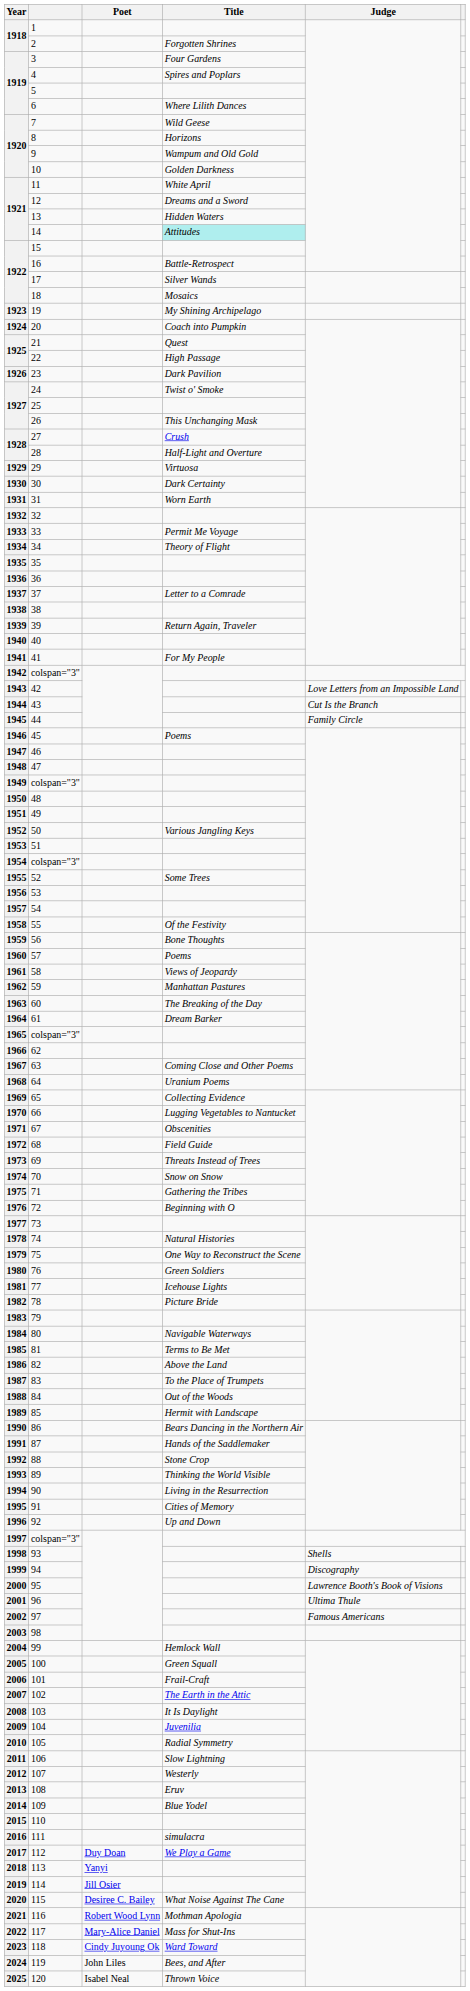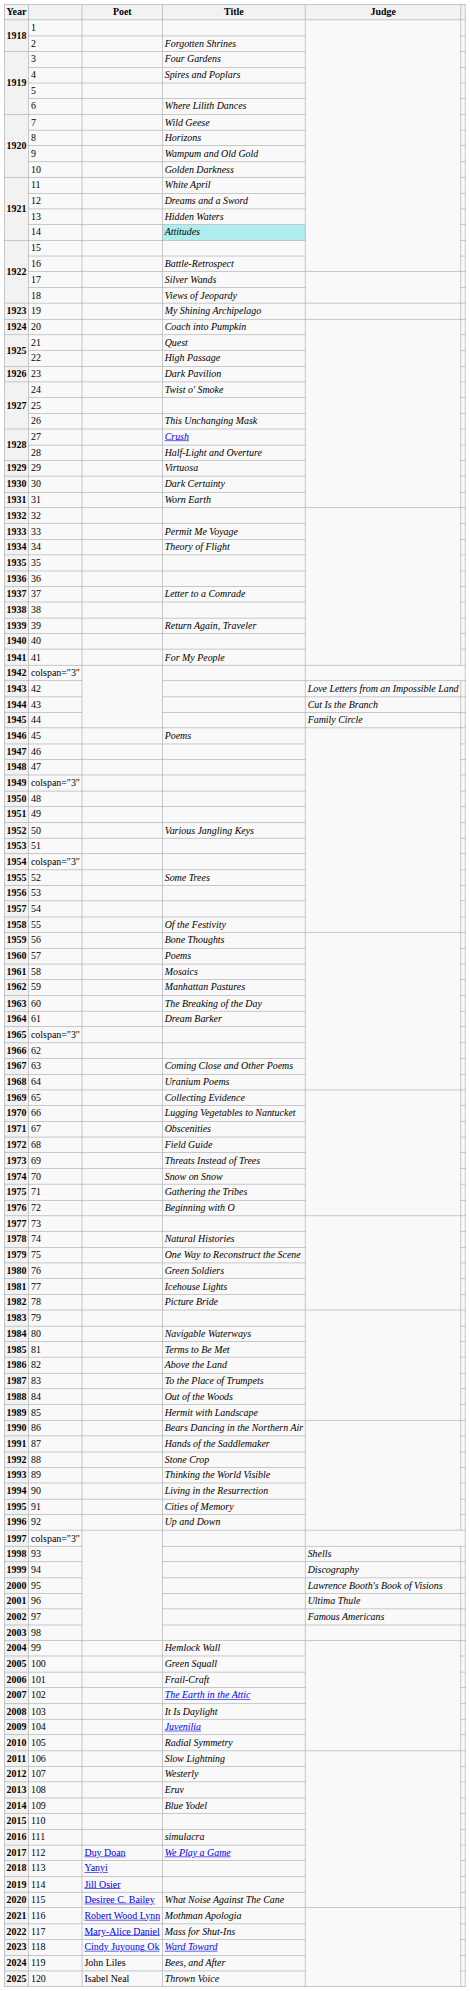 <table class="wikitable sortable"  style="border-spacing: 0; margin: 1em auto;">
 <tr>
 <th>Year</th>
 <th></th>
 <th>Poet</th>
 <th>Title</th>
 <th>Judge</th>
 <th class="unsortable"></th>
 </tr>
 <tr>
 <th rowspan="2">1918</th>
 <td>1</td>
 <td></td>
 <td></td>
 <td rowspan="16"></td>
 <td style="text-align:center;"></td>
 </tr>
 <tr>
 <td>2</td>
 <td></td>
 <td><em>Forgotten Shrines</em></td>
 <td style="text-align:center;"></td>
 </tr>
 <tr>
 <th rowspan="4">1919</th>
 <td>3</td>
 <td></td>
 <td><em>Four Gardens</em></td>
 <td style="text-align:center;"></td>
 </tr>
 <tr>
 <td>4</td>
 <td></td>
 <td><em>Spires and Poplars</em></td>
 <td style="text-align:center;"></td>
 </tr>
 <tr>
 <td>5</td>
 <td></td>
 <td></td>
 <td style="text-align:center;"></td>
 </tr>
 <tr>
 <td>6</td>
 <td></td>
 <td><em>Where Lilith Dances</em></td>
 <td style="text-align:center;"></td>
 </tr>
 <tr>
 <th rowspan="4">1920</th>
 <td>7</td>
 <td></td>
 <td><em>Wild Geese</em></td>
 <td style="text-align:center;"></td>
 </tr>
 <tr>
 <td>8</td>
 <td></td>
 <td><em>Horizons</em></td>
 <td style="text-align:center;"></td>
 </tr>
 <tr>
 <td>9</td>
 <td></td>
 <td><em>Wampum and Old Gold</em></td>
 <td style="text-align:center;"></td>
 </tr>
 <tr>
 <td>10</td>
 <td></td>
 <td><em>Golden Darkness</em></td>
 <td style="text-align:center;"></td>
 </tr>
 <tr>
 <th rowspan="4">1921</th>
 <td>11</td>
 <td></td>
 <td><em>White April</em></td>
 <td style="text-align:center;"></td>
 </tr>
 <tr>
 <td>12</td>
 <td></td>
 <td><em>Dreams and a Sword</em></td>
 <td style="text-align:center;"></td>
 </tr>
 <tr>
 <td>13</td>
 <td></td>
 <td><em>Hidden Waters</em></td>
 <td style="text-align:center;"></td>
 </tr>
 <tr>
 <td>14</td>
 <td></td>
 <td style="background: paleturquoise;"><em>Attitudes</em></td>
 <td style="text-align:center;"></td>
 </tr>
 <tr>
 <th rowspan="4">1922</th>
 <td>15</td>
 <td></td>
 <td></td>
 <td style="text-align:center;"></td>
 </tr>
 <tr>
 <td>16</td>
 <td></td>
 <td><em>Battle-Retrospect</em></td>
 <td style="text-align:center;"></td>
 </tr>
 <tr>
 <td>17</td>
 <td></td>
 <td><em>Silver Wands</em></td>
 <td rowspan="2"></td>
 <td style="text-align:center;"></td>
 </tr>
 <tr>
 <td>18</td>
 <td></td>
-<td><em>Mosaics</em></td>
+<td><em>Views of Jeopardy</em></td>
 <td style="text-align:center;"></td>
 </tr>
 <tr>
 <th>1923</th>
 <td>19</td>
 <td></td>
 <td><em>My Shining Archipelago</em></td>
 <td></td>
 <td style="text-align:center;"></td>
 </tr>
 <tr>
 <th>1924</th>
 <td>20</td>
 <td></td>
 <td><em>Coach into Pumpkin</em></td>
 <td rowspan="12"></td>
 <td style="text-align:center;"></td>
 </tr>
 <tr>
 <th rowspan="2">1925</th>
 <td>21</td>
 <td></td>
 <td><em>Quest</em></td>
 <td style="text-align:center;"></td>
 </tr>
 <tr>
 <td>22</td>
 <td></td>
 <td><em>High Passage</em></td>
 <td style="text-align:center;"></td>
 </tr>
 <tr>
 <th>1926</th>
 <td>23</td>
 <td></td>
 <td><em>Dark Pavilion</em></td>
 <td style="text-align:center;"></td>
 </tr>
 <tr>
 <th rowspan="3">1927</th>
 <td>24</td>
 <td></td>
 <td><em>Twist o' Smoke</em></td>
 <td style="text-align:center;"></td>
 </tr>
 <tr>
 <td>25</td>
 <td></td>
 <td></td>
 <td style="text-align:center;"></td>
 </tr>
 <tr>
 <td>26</td>
 <td></td>
 <td><em>This Unchanging Mask</em></td>
 <td style="text-align:center;"></td>
 </tr>
 <tr>
 <th rowspan="2">1928</th>
 <td>27</td>
 <td></td>
 <td><em><a href='#'>Crush</a></em></td>
 <td style="text-align:center;"></td>
 </tr>
 <tr>
 <td>28</td>
 <td></td>
 <td><em>Half-Light and Overture</em></td>
 <td style="text-align:center;"></td>
 </tr>
 <tr>
 <th>1929</th>
 <td>29</td>
 <td></td>
 <td><em>Virtuosa</em></td>
 <td style="text-align:center;"></td>
 </tr>
 <tr>
 <th>1930</th>
 <td>30</td>
 <td></td>
 <td><em>Dark Certainty</em></td>
 <td style="text-align:center;"></td>
 </tr>
 <tr>
 <th>1931</th>
 <td>31</td>
 <td></td>
 <td><em>Worn Earth</em></td>
 <td style="text-align:center;"></td>
 </tr>
 <tr>
 <th>1932</th>
 <td>32</td>
 <td></td>
 <td></td>
 <td rowspan="10"></td>
 <td style="text-align:center;"></td>
 </tr>
 <tr>
 <th>1933</th>
 <td>33</td>
 <td></td>
 <td><em>Permit Me Voyage</em></td>
 <td style="text-align:center;"></td>
 </tr>
 <tr>
 <th>1934</th>
 <td>34</td>
 <td></td>
 <td><em>Theory of Flight</em></td>
 <td style="text-align:center;"></td>
 </tr>
 <tr>
 <th>1935</th>
 <td>35</td>
 <td></td>
 <td></td>
 <td style="text-align:center;"></td>
 </tr>
 <tr>
 <th>1936</th>
 <td>36</td>
 <td></td>
 <td></td>
 <td style="text-align:center;"></td>
 </tr>
 <tr>
 <th>1937</th>
 <td>37</td>
 <td></td>
 <td><em>Letter to a Comrade</em></td>
 <td style="text-align:center;"></td>
 </tr>
 <tr>
 <th>1938</th>
 <td>38</td>
 <td></td>
 <td></td>
 <td style="text-align:center;"></td>
 </tr>
 <tr>
 <th>1939</th>
 <td>39</td>
 <td></td>
 <td><em>Return Again, Traveler</em></td>
 <td style="text-align:center;"></td>
 </tr>
 <tr>
 <th>1940</th>
 <td>40</td>
 <td></td>
 <td></td>
 <td style="text-align:center;"></td>
 </tr>
 <tr>
 <th>1941</th>
 <td>41</td>
 <td></td>
 <td><em>For My People</em></td>
 <td style="text-align:center;"></td>
 </tr>
 <tr>
 <th>1942</th>
 <td>colspan="3" </td>
 <td rowspan="4"></td>
 <td style="text-align:center;"></td>
 </tr>
 <tr>
 <th>1943</th>
 <td>42</td>
 <td></td>
 <td><em>Love Letters from an Impossible Land</em></td>
 <td style="text-align:center;"></td>
 </tr>
 <tr>
 <th>1944</th>
 <td>43</td>
 <td></td>
 <td><em>Cut Is the Branch</em></td>
 <td style="text-align:center;"></td>
 </tr>
 <tr>
 <th>1945</th>
 <td>44</td>
 <td></td>
 <td><em>Family Circle</em></td>
 <td style="text-align:center;"></td>
 </tr>
 <tr>
 <th>1946</th>
 <td>45</td>
 <td></td>
 <td><em>Poems</em></td>
 <td rowspan="13"></td>
 <td style="text-align:center;"></td>
 </tr>
 <tr>
 <th>1947</th>
 <td>46</td>
 <td></td>
 <td></td>
 <td style="text-align:center;"></td>
 </tr>
 <tr>
 <th>1948</th>
 <td>47</td>
 <td></td>
 <td></td>
 <td style="text-align:center;"></td>
 </tr>
 <tr>
 <th>1949</th>
 <td>colspan="3" </td>
 <td style="text-align:center;"></td>
 </tr>
 <tr>
 <th>1950</th>
 <td>48</td>
 <td></td>
 <td></td>
 <td style="text-align:center;"></td>
 </tr>
 <tr>
 <th>1951</th>
 <td>49</td>
 <td></td>
 <td></td>
 <td style="text-align:center;"></td>
 </tr>
 <tr>
 <th>1952</th>
 <td>50</td>
 <td></td>
 <td><em>Various Jangling Keys</em></td>
 <td style="text-align:center;"></td>
 </tr>
 <tr>
 <th>1953</th>
 <td>51</td>
 <td></td>
 <td></td>
 <td style="text-align:center;"></td>
 </tr>
 <tr>
 <th>1954</th>
 <td>colspan="3" </td>
 <td style="text-align:center;"></td>
 </tr>
 <tr>
 <th>1955</th>
 <td>52</td>
 <td></td>
 <td><em>Some Trees</em></td>
 <td style="text-align:center;"></td>
 </tr>
 <tr>
 <th>1956</th>
 <td>53</td>
 <td></td>
 <td></td>
 <td style="text-align:center;"></td>
 </tr>
 <tr>
 <th>1957</th>
 <td>54</td>
 <td></td>
 <td></td>
 <td style="text-align:center;"></td>
 </tr>
 <tr>
 <th>1958</th>
 <td>55</td>
 <td></td>
 <td><em>Of the Festivity</em></td>
 <td style="text-align:center;"></td>
 </tr>
 <tr>
 <th>1959</th>
 <td>56</td>
 <td></td>
 <td><em>Bone Thoughts</em></td>
 <td rowspan="10"></td>
 <td style="text-align:center;"></td>
 </tr>
 <tr>
 <th>1960</th>
 <td>57</td>
 <td></td>
 <td><em>Poems</em></td>
 <td style="text-align:center;"></td>
 </tr>
 <tr>
 <th>1961</th>
 <td>58</td>
 <td></td>
-<td><em>Views of Jeopardy</em></td>
+<td><em>Mosaics</em></td>
 <td style="text-align:center;"></td>
 </tr>
 <tr>
 <th>1962</th>
 <td>59</td>
 <td></td>
 <td><em>Manhattan Pastures</em></td>
 <td style="text-align:center;"></td>
 </tr>
 <tr>
 <th>1963</th>
 <td>60</td>
 <td></td>
 <td><em>The Breaking of the Day</em></td>
 <td style="text-align:center;"></td>
 </tr>
 <tr>
 <th>1964</th>
 <td>61</td>
 <td></td>
 <td><em>Dream Barker</em></td>
 <td style="text-align:center;"></td>
 </tr>
 <tr>
 <th>1965</th>
 <td>colspan="3" </td>
 <td style="text-align:center;"></td>
 </tr>
 <tr>
 <th>1966</th>
 <td>62</td>
 <td></td>
 <td></td>
 <td style="text-align:center;"></td>
 </tr>
 <tr>
 <th>1967</th>
 <td>63</td>
 <td></td>
 <td><em>Coming Close and Other Poems</em></td>
 <td style="text-align:center;"></td>
 </tr>
 <tr>
 <th>1968</th>
 <td>64</td>
 <td></td>
 <td><em>Uranium Poems</em></td>
 <td style="text-align:center;"></td>
 </tr>
 <tr>
 <th>1969</th>
 <td>65</td>
 <td></td>
 <td><em>Collecting Evidence</em></td>
 <td rowspan="8"></td>
 <td style="text-align:center;"></td>
 </tr>
 <tr>
 <th>1970</th>
 <td>66</td>
 <td></td>
 <td><em>Lugging Vegetables to Nantucket</em></td>
 <td style="text-align:center;"></td>
 </tr>
 <tr>
 <th>1971</th>
 <td>67</td>
 <td></td>
 <td><em>Obscenities</em></td>
 <td style="text-align:center;"></td>
 </tr>
 <tr>
 <th>1972</th>
 <td>68</td>
 <td></td>
 <td><em>Field Guide</em></td>
 <td style="text-align:center;"></td>
 </tr>
 <tr>
 <th>1973</th>
 <td>69</td>
 <td></td>
 <td><em>Threats Instead of Trees</em></td>
 <td style="text-align:center;"></td>
 </tr>
 <tr>
 <th>1974</th>
 <td>70</td>
 <td></td>
 <td><em>Snow on Snow</em></td>
 <td style="text-align:center;"></td>
 </tr>
 <tr>
 <th>1975</th>
 <td>71</td>
 <td></td>
 <td><em>Gathering the Tribes</em></td>
 <td style="text-align:center;"></td>
 </tr>
 <tr>
 <th>1976</th>
 <td>72</td>
 <td></td>
 <td><em>Beginning with O</em></td>
 <td style="text-align:center;"></td>
 </tr>
 <tr>
 <th>1977</th>
 <td>73</td>
 <td></td>
 <td></td>
 <td rowspan="6"></td>
 <td style="text-align:center;"></td>
 </tr>
 <tr>
 <th>1978</th>
 <td>74</td>
 <td></td>
 <td><em>Natural Histories</em></td>
 <td style="text-align:center;"></td>
 </tr>
 <tr>
 <th>1979</th>
 <td>75</td>
 <td></td>
 <td><em>One Way to Reconstruct the Scene</em></td>
 <td style="text-align:center;"></td>
 </tr>
 <tr>
 <th>1980</th>
 <td>76</td>
 <td></td>
 <td><em>Green Soldiers</em></td>
 <td style="text-align:center;"></td>
 </tr>
 <tr>
 <th>1981</th>
 <td>77</td>
 <td></td>
 <td><em>Icehouse Lights</em></td>
 <td style="text-align:center;"></td>
 </tr>
 <tr>
 <th>1982</th>
 <td>78</td>
 <td></td>
 <td><em>Picture Bride</em></td>
 <td style="text-align:center;"></td>
 </tr>
 <tr>
 <th>1983</th>
 <td>79</td>
 <td></td>
 <td></td>
 <td rowspan="7"></td>
 <td style="text-align:center;"></td>
 </tr>
 <tr>
 <th>1984</th>
 <td>80</td>
 <td></td>
 <td><em>Navigable Waterways</em></td>
 <td style="text-align:center;"></td>
 </tr>
 <tr>
 <th>1985</th>
 <td>81</td>
 <td></td>
 <td><em>Terms to Be Met</em></td>
 <td style="text-align:center;"></td>
 </tr>
 <tr>
 <th>1986</th>
 <td>82</td>
 <td></td>
 <td><em>Above the Land</em></td>
 <td style="text-align:center;"></td>
 </tr>
 <tr>
 <th>1987</th>
 <td>83</td>
 <td></td>
 <td><em>To the Place of Trumpets</em></td>
 <td style="text-align:center;"></td>
 </tr>
 <tr>
 <th>1988</th>
 <td>84</td>
 <td></td>
 <td><em>Out of the Woods</em></td>
 <td style="text-align:center;"></td>
 </tr>
 <tr>
 <th>1989</th>
 <td>85</td>
 <td></td>
 <td><em>Hermit with Landscape</em></td>
 <td style="text-align:center;"></td>
 </tr>
 <tr>
 <th>1990</th>
 <td>86</td>
 <td></td>
 <td><em>Bears Dancing in the Northern Air</em></td>
 <td rowspan="7"></td>
 <td style="text-align:center;"></td>
 </tr>
 <tr>
 <th>1991</th>
 <td>87</td>
 <td></td>
 <td><em>Hands of the Saddlemaker</em></td>
 <td style="text-align:center;"></td>
 </tr>
 <tr>
 <th>1992</th>
 <td>88</td>
 <td></td>
 <td><em>Stone Crop</em></td>
 <td style="text-align:center;"></td>
 </tr>
 <tr>
 <th>1993</th>
 <td>89</td>
 <td></td>
 <td><em>Thinking the World Visible</em></td>
 <td style="text-align:center;"></td>
 </tr>
 <tr>
 <th>1994</th>
 <td>90</td>
 <td></td>
 <td><em>Living in the Resurrection</em></td>
 <td style="text-align:center;"></td>
 </tr>
 <tr>
 <th>1995</th>
 <td>91</td>
 <td></td>
 <td><em>Cities of Memory</em></td>
 <td style="text-align:center;"></td>
 </tr>
 <tr>
 <th>1996</th>
 <td>92</td>
 <td></td>
 <td><em>Up and Down</em></td>
 <td style="text-align:center;"></td>
 </tr>
 <tr>
 <th>1997</th>
 <td>colspan="3" </td>
 <td rowspan="7"></td>
 <td style="text-align:center;"></td>
 </tr>
 <tr>
 <th>1998</th>
 <td>93</td>
 <td></td>
 <td><em>Shells</em></td>
 <td style="text-align:center;"></td>
 </tr>
 <tr>
 <th>1999</th>
 <td>94</td>
 <td></td>
 <td><em>Discography</em></td>
 <td style="text-align:center;"></td>
 </tr>
 <tr>
 <th>2000</th>
 <td>95</td>
 <td></td>
 <td><em>Lawrence Booth's Book of Visions</em></td>
 <td style="text-align:center;"></td>
 </tr>
 <tr>
 <th>2001</th>
 <td>96</td>
 <td></td>
 <td><em>Ultima Thule</em></td>
 <td style="text-align:center;"></td>
 </tr>
 <tr>
 <th>2002</th>
 <td>97</td>
 <td></td>
 <td><em>Famous Americans</em></td>
 <td style="text-align:center;"></td>
 </tr>
 <tr>
 <th>2003</th>
 <td>98</td>
 <td></td>
 <td></td>
 <td style="text-align:center;"></td>
 </tr>
 <tr>
 <th>2004</th>
 <td>99</td>
 <td></td>
 <td><em>Hemlock Wall</em></td>
 <td rowspan="7"></td>
 <td style="text-align:center;"></td>
 </tr>
 <tr>
 <th>2005</th>
 <td>100</td>
 <td></td>
 <td><em>Green Squall</em></td>
 <td style="text-align:center;"></td>
 </tr>
 <tr>
 <th>2006</th>
 <td>101</td>
 <td></td>
 <td><em>Frail-Craft</em></td>
 <td style="text-align:center;"></td>
 </tr>
 <tr>
 <th>2007</th>
 <td>102</td>
 <td></td>
 <td><em><a href='#'>The Earth in the Attic</a></em></td>
 <td style="text-align:center;"></td>
 </tr>
 <tr>
 <th>2008</th>
 <td>103</td>
 <td></td>
 <td><em>It Is Daylight</em></td>
 <td style="text-align:center;"></td>
 </tr>
 <tr>
 <th>2009</th>
 <td>104</td>
 <td></td>
 <td><a href='#'><em>Juvenilia</em></a></td>
 <td style="text-align:center;"></td>
 </tr>
 <tr>
 <th>2010</th>
 <td>105</td>
 <td></td>
 <td><em>Radial Symmetry</em></td>
 <td style="text-align:center;"></td>
 </tr>
 <tr>
 <th>2011</th>
 <td>106</td>
 <td></td>
 <td><em>Slow Lightning</em></td>
 <td rowspan="10"></td>
 <td style="text-align:center;"></td>
 </tr>
 <tr>
 <th>2012</th>
 <td>107</td>
 <td></td>
 <td><em>Westerly</em></td>
 <td style="text-align:center;"></td>
 </tr>
 <tr>
 <th>2013</th>
 <td>108</td>
 <td></td>
 <td><em>Eruv</em></td>
 <td style="text-align:center;"></td>
 </tr>
 <tr>
 <th>2014</th>
 <td>109</td>
 <td></td>
 <td><em>Blue Yodel</em></td>
 <td style="text-align:center;"></td>
 </tr>
 <tr>
 <th>2015</th>
 <td>110</td>
 <td></td>
 <td></td>
 <td style="text-align:center;"></td>
 </tr>
 <tr>
 <th>2016</th>
 <td>111</td>
 <td></td>
 <td><em>simulacra</em></td>
 <td style="text-align:center;"></td>
 </tr>
 <tr>
 <th>2017</th>
 <td>112</td>
 <td><a href='#'>Duy Doan</a></td>
 <td><em><a href='#'>We Play a Game</a></em></td>
 <td style="text-align:center;"></td>
 </tr>
 <tr>
 <th>2018</th>
 <td>113</td>
 <td><a href='#'>Yanyi</a></td>
 <td></td>
 <td style="text-align:center;"></td>
 </tr>
 <tr>
 <th>2019</th>
 <td>114</td>
 <td><a href='#'>Jill Osier</a></td>
 <td></td>
 <td style="text-align:center;"></td>
 </tr>
 <tr>
 <th>2020</th>
 <td>115</td>
 <td><a href='#'>Desiree C. Bailey</a></td>
 <td><em>What Noise Against The Cane</em></td>
 <td></td>
 </tr>
 <tr>
 <th>2021</th>
 <td>116</td>
 <td><a href='#'>Robert Wood Lynn</a></td>
 <td><em>Mothman Apologia</em></td>
 <td rowspan="5"></td>
 <td></td>
 </tr>
 <tr>
 <th>2022</th>
 <td>117</td>
 <td><a href='#'>Mary-Alice Daniel</a></td>
 <td><em>Mass for Shut-Ins</em></td>
 <td></td>
 </tr>
 <tr>
 <th>2023</th>
 <td>118</td>
 <td><a href='#'>Cindy Juyoung Ok</a></td>
 <td><em><a href='#'>Ward Toward</a></em></td>
 <td></td>
 </tr>
 <tr>
 <th>2024</th>
 <td>119</td>
 <td>John Liles</td>
 <td><em>Bees, and After</em></td>
 <td></td>
 </tr>
 <tr>
 <th>2025</th>
 <td>120</td>
 <td>Isabel Neal</td>
 <td><em>Thrown Voice</em></td>
 <td></td>
 </tr>
 </table>
